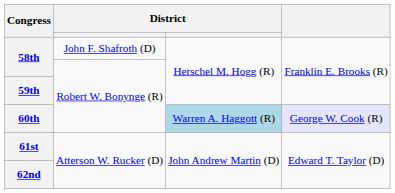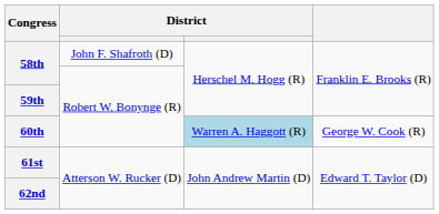 <table class=wikitable style="text-align:center">
 <tr style="height:2.5em">
 <th scope="col" rowspan=2>Congress</th>
 <th scope="colgroup" colspan=2>District</th>
 <th scope="col" rowspan=2></th>
 </tr>
 <tr>
 <th scope="col"></th>
 <th scope="col"></th>
 </tr>
 <tr style="height:2em">
 <th scope="row" rowspan=2><a href='#'>58th</a> </th>
 <td><a href='#'>John F. Shafroth</a> (D)</td>
 <td rowspan=3 ><a href='#'>Herschel M. Hogg</a> (R)</td>
 <td rowspan=3 ><a href='#'>Franklin E. Brooks</a> (R)</td>
 </tr>
 <tr style="height:1.5em">
 <td rowspan=3 ><a href='#'>Robert W. Bonynge</a> (R)</td>
 </tr>
 <tr style="height:2.5em">
 <th scope="row"><a href='#'>59th</a> </th>
 </tr>
 <tr style="height:2.5em">
 <th scope="row"><a href='#'>60th</a> </th>
 <td style="background: lightblue;"><a href='#'>Warren A. Haggott</a> (R)</td>
-<td style="background: lavender;"><a href='#'>George W. Cook</a> (R)</td>
+<td><a href='#'>George W. Cook</a> (R)</td>
 </tr>
 <tr style="height:2.5em">
 <th scope="row"><a href='#'>61st</a> </th>
 <td rowspan=2 ><a href='#'>Atterson W. Rucker</a> (D)</td>
 <td rowspan=2 ><a href='#'>John Andrew Martin</a> (D)</td>
 <td rowspan=2 ><a href='#'>Edward T. Taylor</a> (D)</td>
 </tr>
 <tr style="height:2.5em">
 <th scope="row"><a href='#'>62nd</a> </th>
 </tr>
 </table>
